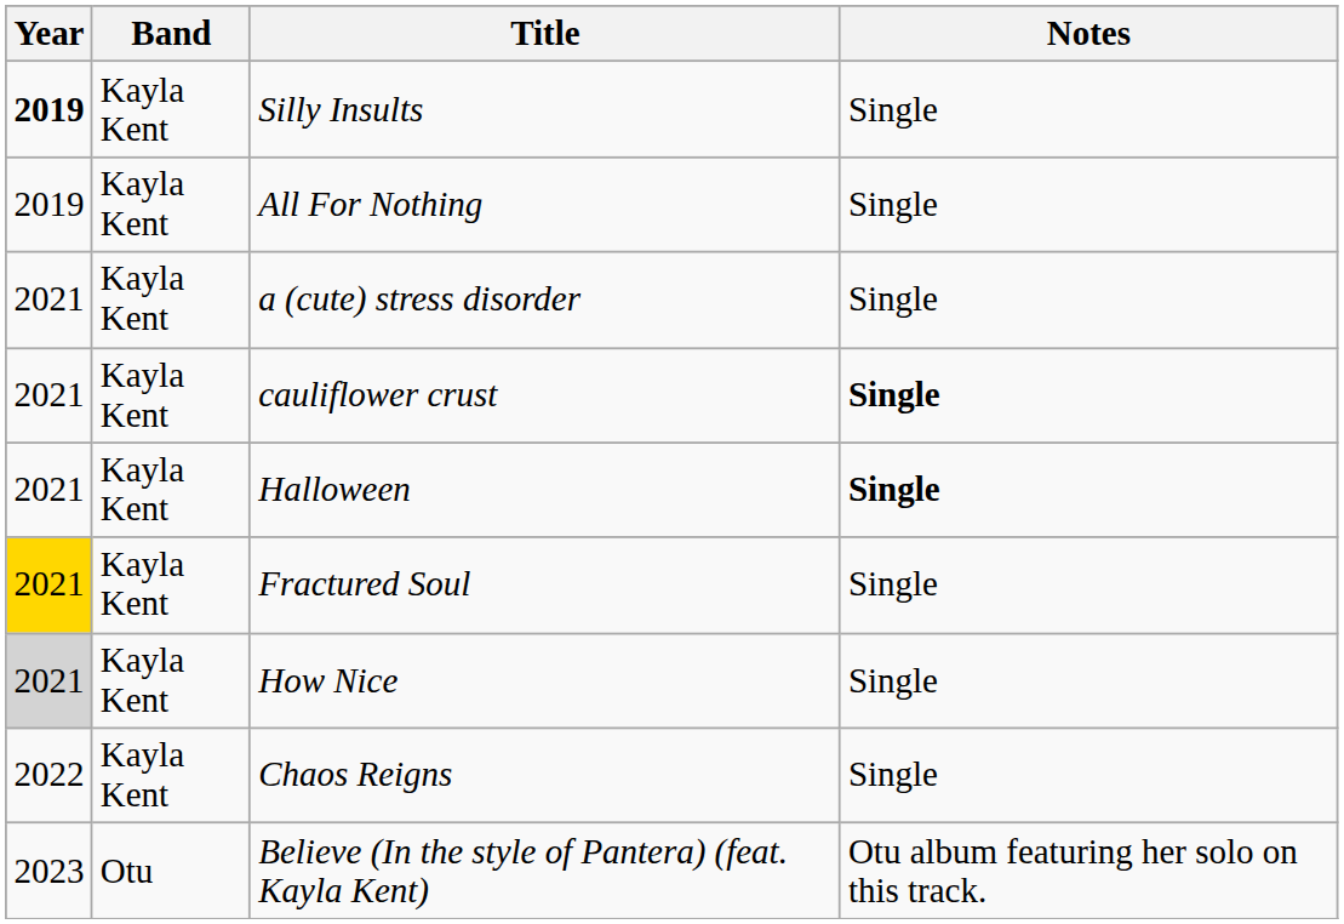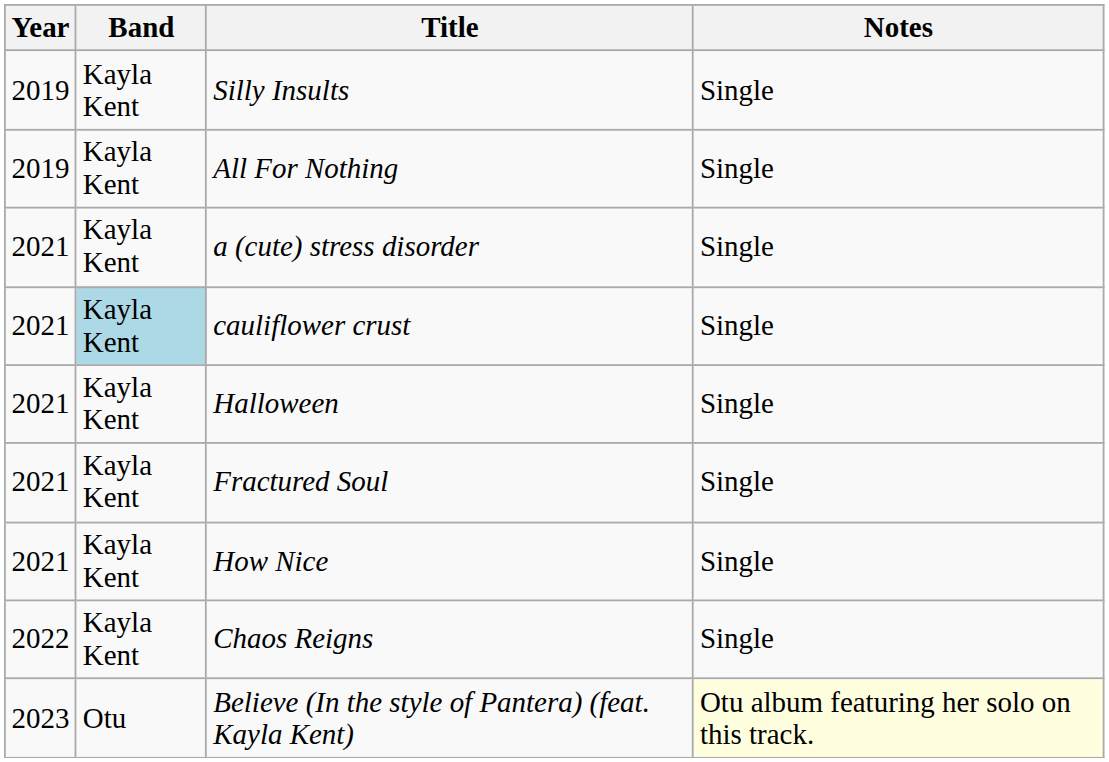 <table class="wikitable">
 <tr>
 <th>Year</th>
 <th>Band</th>
 <th>Title</th>
 <th>Notes</th>
 </tr>
 <tr>
-<td><strong>2019</strong></td>
+<td>2019</td>
 <td>Kayla Kent</td>
 <td><em>Silly Insults</em></td>
 <td>Single</td>
 </tr>
 <tr>
 <td>2019</td>
 <td>Kayla Kent</td>
 <td><em>All For Nothing</em></td>
 <td>Single</td>
 </tr>
 <tr>
 <td>2021</td>
 <td>Kayla Kent</td>
 <td><em>a (cute) stress disorder</em></td>
 <td>Single</td>
 </tr>
 <tr>
 <td>2021</td>
-<td>Kayla Kent</td>
+<td style="background: lightblue;">Kayla Kent</td>
 <td><em>cauliflower crust</em></td>
-<td><strong>Single</strong></td>
+<td>Single</td>
 </tr>
 <tr>
 <td>2021</td>
 <td>Kayla Kent</td>
 <td><em>Halloween</em></td>
-<td><strong>Single</strong></td>
+<td>Single</td>
 </tr>
 <tr>
-<td style="background: gold;">2021</td>
+<td>2021</td>
 <td>Kayla Kent</td>
 <td><em>Fractured Soul</em></td>
 <td>Single</td>
 </tr>
 <tr>
-<td style="background: lightgrey;">2021</td>
+<td>2021</td>
 <td>Kayla Kent</td>
 <td><em>How Nice</em></td>
 <td>Single</td>
 </tr>
 <tr>
 <td>2022</td>
 <td>Kayla Kent</td>
 <td><em>Chaos Reigns</em></td>
 <td>Single</td>
 </tr>
 <tr>
 <td>2023</td>
 <td>Otu</td>
 <td><em>Believe (In the style of Pantera) (feat. Kayla Kent)</em></td>
-<td>Otu album featuring her solo on this track.</td>
+<td style="background: lightyellow;">Otu album featuring her solo on this track.</td>
 </tr>
 <tr>
 </tr>
 </table>
